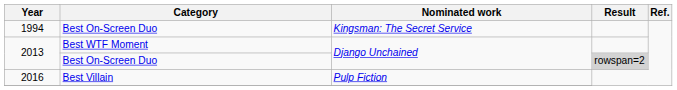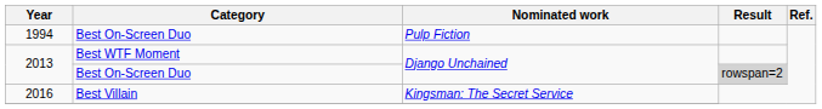 <table class=wikitable>
 <tr>
 <th scope="col" style="width:5em;">Year</th>
 <th scope="col" style="width:26em;">Category</th>
 <th scope="col" style="width:25em;">Nominated work</th>
 <th scope="col" style="width:5em;">Result</th>
 <th>Ref.</th>
 </tr>
 <tr>
 <td style="text-align:center;">1994</td>
 <td><a href='#'>Best On-Screen Duo</a> </td>
-<td><em><a href='#'>Kingsman: The Secret Service</a></em></td>
+<td><em><a href='#'>Pulp Fiction</a></em></td>
 <td></td>
 </tr>
 <tr>
 <td style="text-align:center;", rowspan=2>2013</td>
 <td><a href='#'>Best WTF Moment</a> </td>
 <td rowspan=2><em><a href='#'>Django Unchained</a></em></td>
 <td></td>
 </tr>
 <tr>
 <td><a href='#'>Best On-Screen Duo</a> </td>
 <td style="background: lightgrey;">rowspan=2 </td>
 </tr>
 <tr>
 <td style="text-align:center;">2016</td>
 <td><a href='#'>Best Villain</a></td>
-<td><em><a href='#'>Pulp Fiction</a></em></td>
+<td><em><a href='#'>Kingsman: The Secret Service</a></em></td>
 </tr>
 <tr>
 </tr>
 </table>
